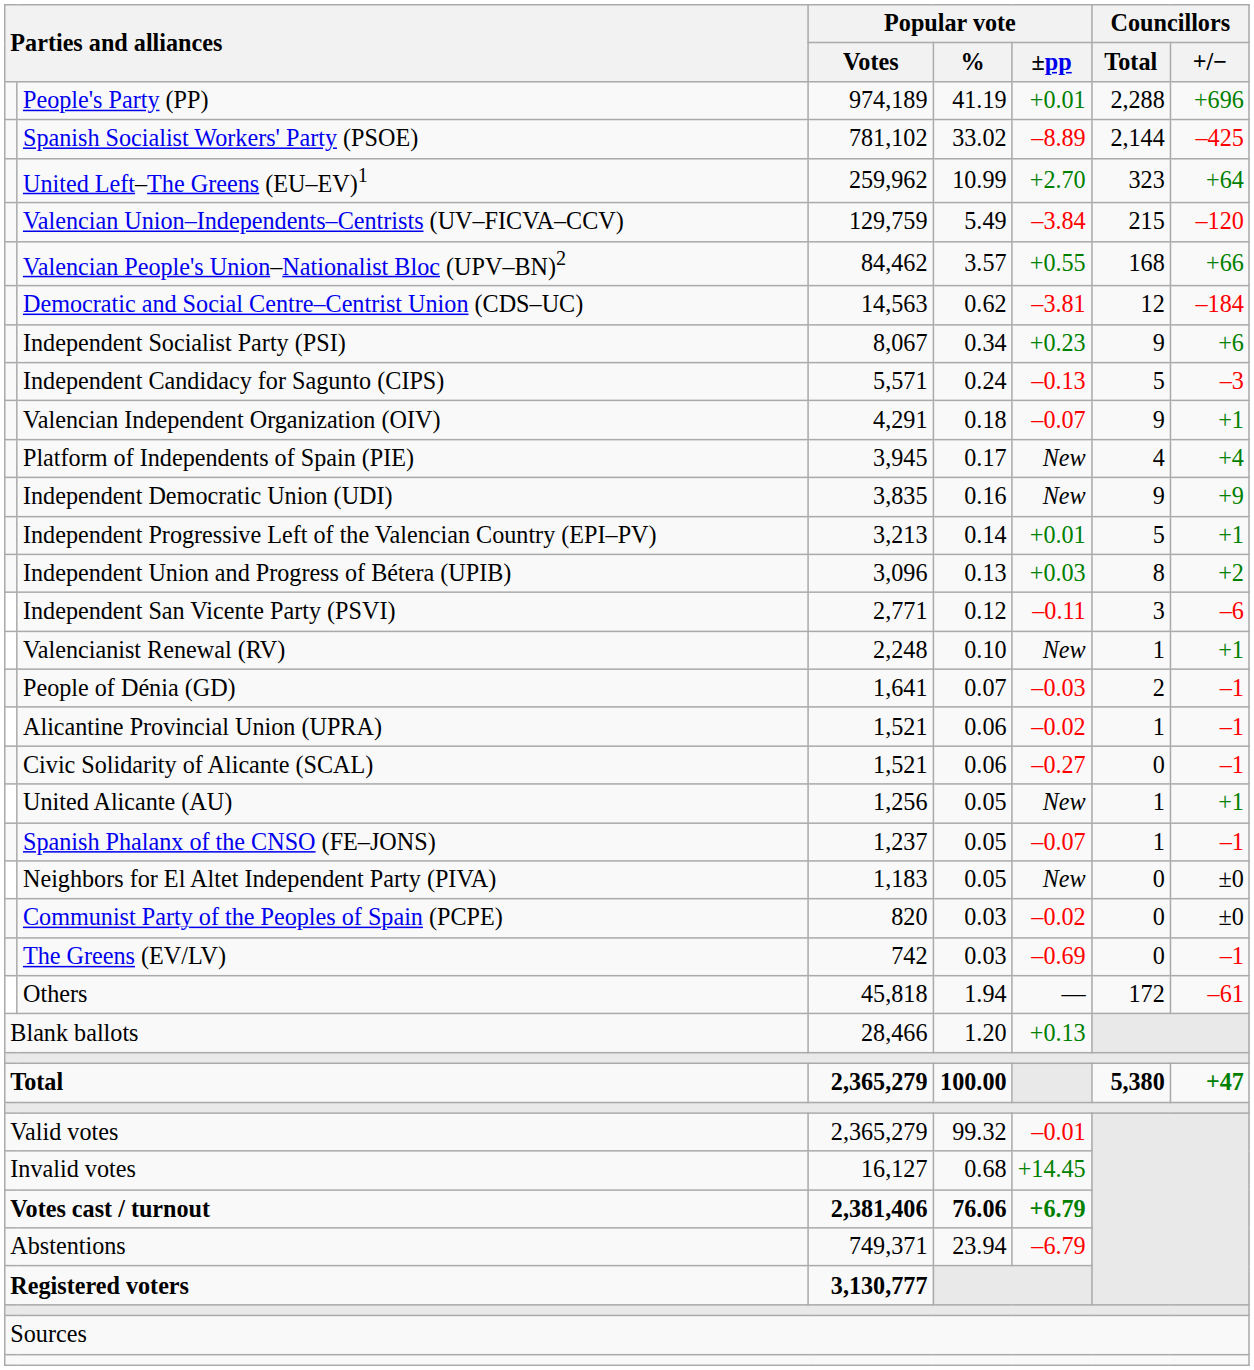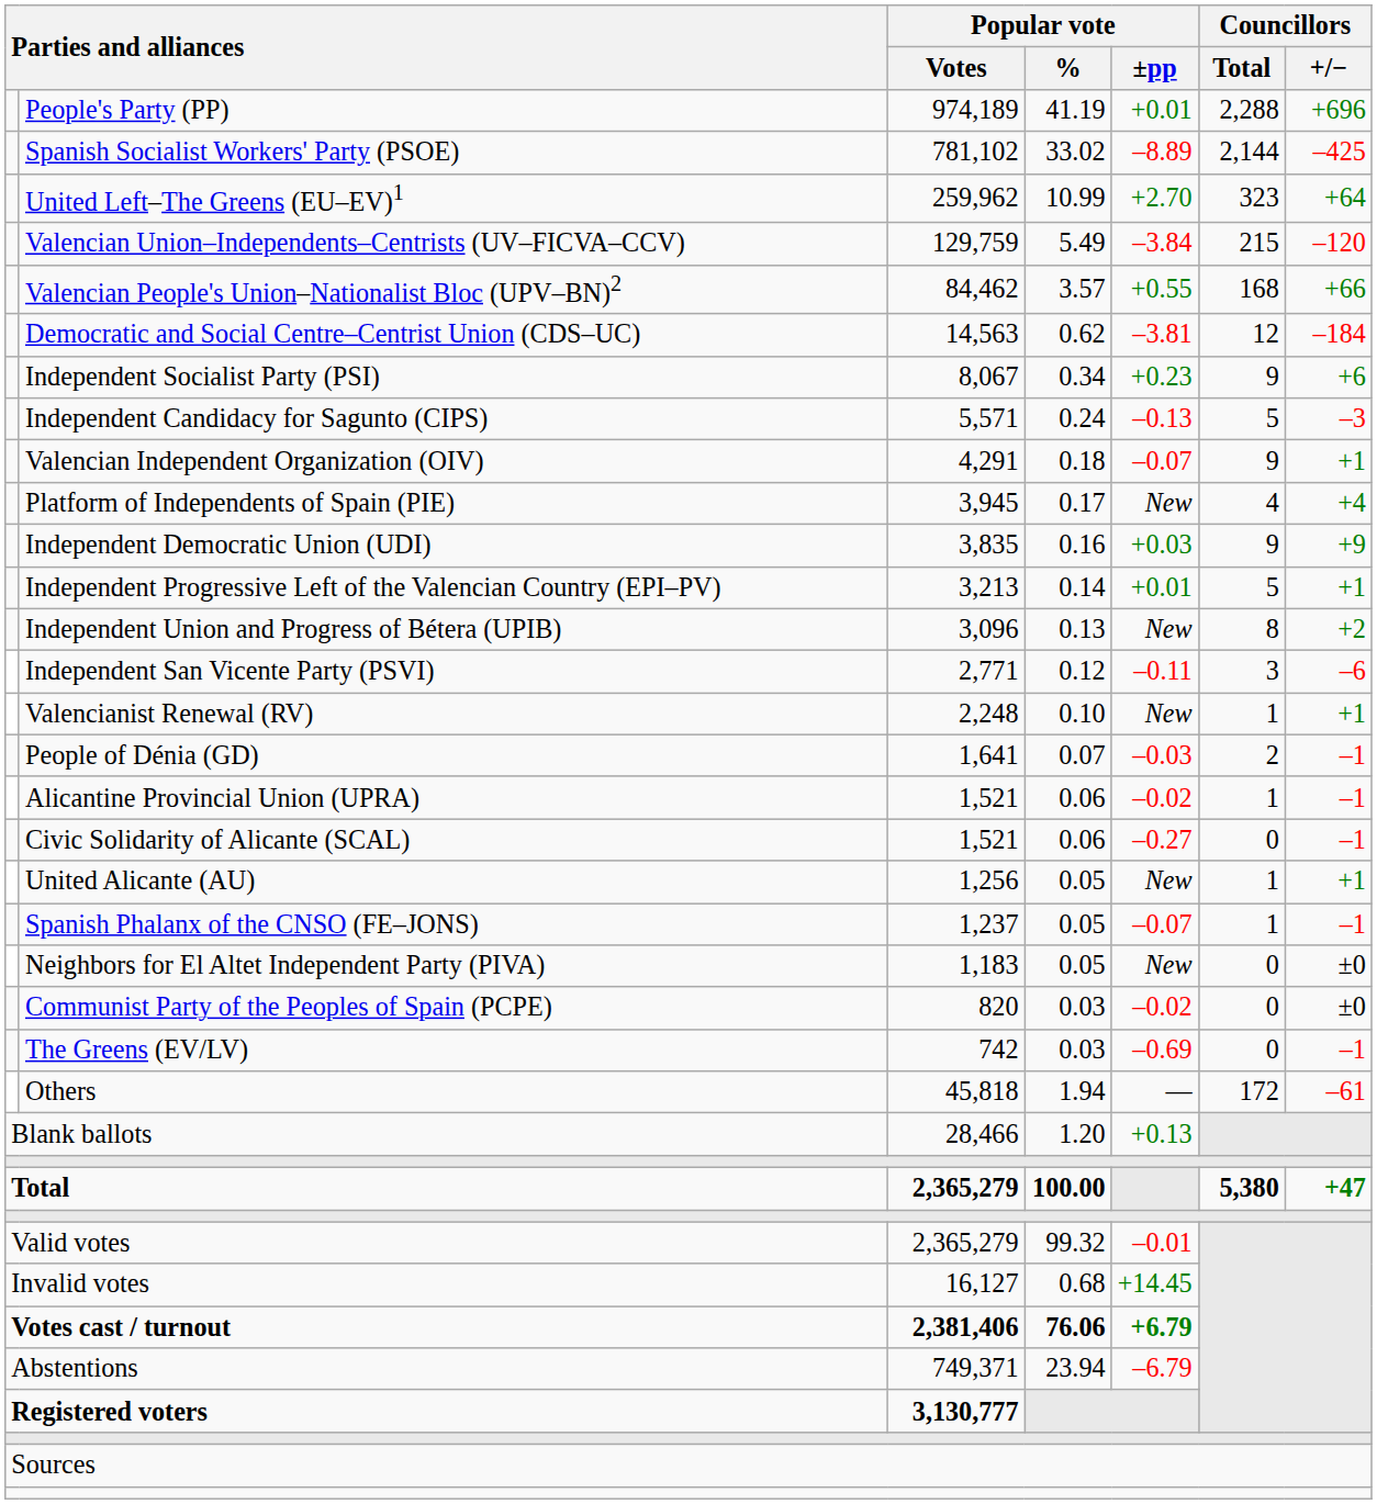 <table class="wikitable" style="text-align:right;">
 <tr>
 <th style="text-align:left;" rowspan="2" colspan="2" width="525">Parties and alliances</th>
 <th colspan="3">Popular vote</th>
 <th colspan="2">Councillors</th>
 </tr>
 <tr>
 <th width="75">Votes</th>
 <th width="45">%</th>
 <th width="45">±<a href='#'>pp</a></th>
 <th width="45">Total</th>
 <th width="45">+/−</th>
 </tr>
 <tr>
 <td width="1" style="color:inherit;background:"></td>
 <td align="left"><a href='#'>People's Party</a> (PP)</td>
 <td>974,189</td>
 <td>41.19</td>
 <td style="color:green;">+0.01</td>
 <td>2,288</td>
 <td style="color:green;">+696</td>
 </tr>
 <tr>
 <td style="color:inherit;background:"></td>
 <td align="left"><a href='#'>Spanish Socialist Workers' Party</a> (PSOE)</td>
 <td>781,102</td>
 <td>33.02</td>
 <td style="color:red;">–8.89</td>
 <td>2,144</td>
 <td style="color:red;">–425</td>
 </tr>
 <tr>
 <td style="color:inherit;background:"></td>
 <td align="left"><a href='#'>United Left</a>–<a href='#'>The Greens</a> (EU–EV)<sup>1</sup></td>
 <td>259,962</td>
 <td>10.99</td>
 <td style="color:green;">+2.70</td>
 <td>323</td>
 <td style="color:green;">+64</td>
 </tr>
 <tr>
 <td style="color:inherit;background:"></td>
 <td align="left"><a href='#'>Valencian Union–Independents–Centrists</a> (UV–FICVA–CCV)</td>
 <td>129,759</td>
 <td>5.49</td>
 <td style="color:red;">–3.84</td>
 <td>215</td>
 <td style="color:red;">–120</td>
 </tr>
 <tr>
 <td style="color:inherit;background:"></td>
 <td align="left"><a href='#'>Valencian People's Union</a>–<a href='#'>Nationalist Bloc</a> (UPV–BN)<sup>2</sup></td>
 <td>84,462</td>
 <td>3.57</td>
 <td style="color:green;">+0.55</td>
 <td>168</td>
 <td style="color:green;">+66</td>
 </tr>
 <tr>
 <td style="color:inherit;background:"></td>
 <td align="left"><a href='#'>Democratic and Social Centre–Centrist Union</a> (CDS–UC)</td>
 <td>14,563</td>
 <td>0.62</td>
 <td style="color:red;">–3.81</td>
 <td>12</td>
 <td style="color:red;">–184</td>
 </tr>
 <tr>
 <td style="color:inherit;background:"></td>
 <td align="left">Independent Socialist Party (PSI)</td>
 <td>8,067</td>
 <td>0.34</td>
 <td style="color:green;">+0.23</td>
 <td>9</td>
 <td style="color:green;">+6</td>
 </tr>
 <tr>
 <td style="color:inherit;background:"></td>
 <td align="left">Independent Candidacy for Sagunto (CIPS)</td>
 <td>5,571</td>
 <td>0.24</td>
 <td style="color:red;">–0.13</td>
 <td>5</td>
 <td style="color:red;">–3</td>
 </tr>
 <tr>
 <td style="color:inherit;background:"></td>
 <td align="left">Valencian Independent Organization (OIV)</td>
 <td>4,291</td>
 <td>0.18</td>
 <td style="color:red;">–0.07</td>
 <td>9</td>
 <td style="color:green;">+1</td>
 </tr>
 <tr>
 <td style="color:inherit;background:"></td>
 <td align="left">Platform of Independents of Spain (PIE)</td>
 <td>3,945</td>
 <td>0.17</td>
 <td><em>New</em></td>
 <td>4</td>
 <td style="color:green;">+4</td>
 </tr>
 <tr>
 <td style="color:inherit;background:"></td>
 <td align="left">Independent Democratic Union (UDI)</td>
 <td>3,835</td>
 <td>0.16</td>
-<td><em>New</em></td>
+<td style="color:green;">+0.03</td>
 <td>9</td>
 <td style="color:green;">+9</td>
 </tr>
 <tr>
 <td style="color:inherit;background:"></td>
 <td align="left">Independent Progressive Left of the Valencian Country (EPI–PV)</td>
 <td>3,213</td>
 <td>0.14</td>
 <td style="color:green;">+0.01</td>
 <td>5</td>
 <td style="color:green;">+1</td>
 </tr>
 <tr>
 <td style="color:inherit;background:"></td>
 <td align="left">Independent Union and Progress of Bétera (UPIB)</td>
 <td>3,096</td>
 <td>0.13</td>
-<td style="color:green;">+0.03</td>
+<td><em>New</em></td>
 <td>8</td>
 <td style="color:green;">+2</td>
 </tr>
 <tr>
 <td bgcolor="white"></td>
 <td align="left">Independent San Vicente Party (PSVI)</td>
 <td>2,771</td>
 <td>0.12</td>
 <td style="color:red;">–0.11</td>
 <td>3</td>
 <td style="color:red;">–6</td>
 </tr>
 <tr>
 <td bgcolor="white"></td>
 <td align="left">Valencianist Renewal (RV)</td>
 <td>2,248</td>
 <td>0.10</td>
 <td><em>New</em></td>
 <td>1</td>
 <td style="color:green;">+1</td>
 </tr>
 <tr>
 <td style="color:inherit;background:"></td>
 <td align="left">People of Dénia (GD)</td>
 <td>1,641</td>
 <td>0.07</td>
 <td style="color:red;">–0.03</td>
 <td>2</td>
 <td style="color:red;">–1</td>
 </tr>
 <tr>
 <td bgcolor="white"></td>
 <td align="left">Alicantine Provincial Union (UPRA)</td>
 <td>1,521</td>
 <td>0.06</td>
 <td style="color:red;">–0.02</td>
 <td>1</td>
 <td style="color:red;">–1</td>
 </tr>
 <tr>
 <td style="color:inherit;background:"></td>
 <td align="left">Civic Solidarity of Alicante (SCAL)</td>
 <td>1,521</td>
 <td>0.06</td>
 <td style="color:red;">–0.27</td>
 <td>0</td>
 <td style="color:red;">–1</td>
 </tr>
 <tr>
 <td bgcolor="white"></td>
 <td align="left">United Alicante (AU)</td>
 <td>1,256</td>
 <td>0.05</td>
 <td><em>New</em></td>
 <td>1</td>
 <td style="color:green;">+1</td>
 </tr>
 <tr>
 <td style="color:inherit;background:"></td>
 <td align="left"><a href='#'>Spanish Phalanx of the CNSO</a> (FE–JONS)</td>
 <td>1,237</td>
 <td>0.05</td>
 <td style="color:red;">–0.07</td>
 <td>1</td>
 <td style="color:red;">–1</td>
 </tr>
 <tr>
 <td bgcolor="white"></td>
 <td align="left">Neighbors for El Altet Independent Party (PIVA)</td>
 <td>1,183</td>
 <td>0.05</td>
 <td><em>New</em></td>
 <td>0</td>
 <td>±0</td>
 </tr>
 <tr>
 <td style="color:inherit;background:"></td>
 <td align="left"><a href='#'>Communist Party of the Peoples of Spain</a> (PCPE)</td>
 <td>820</td>
 <td>0.03</td>
 <td style="color:red;">–0.02</td>
 <td>0</td>
 <td>±0</td>
 </tr>
 <tr>
 <td style="color:inherit;background:"></td>
 <td align="left"><a href='#'>The Greens</a> (EV/LV)</td>
 <td>742</td>
 <td>0.03</td>
 <td style="color:red;">–0.69</td>
 <td>0</td>
 <td style="color:red;">–1</td>
 </tr>
 <tr>
 <td bgcolor="white"></td>
 <td align="left">Others</td>
 <td>45,818</td>
 <td>1.94</td>
 <td>—</td>
 <td>172</td>
 <td style="color:red;">–61</td>
 </tr>
 <tr>
 <td align="left" colspan="2">Blank ballots</td>
 <td>28,466</td>
 <td>1.20</td>
 <td style="color:green;">+0.13</td>
 <td bgcolor="#E9E9E9" colspan="2"></td>
 </tr>
 <tr>
 <td colspan="7" bgcolor="#E9E9E9"></td>
 </tr>
 <tr style="font-weight:bold;">
 <td align="left" colspan="2">Total</td>
 <td>2,365,279</td>
 <td>100.00</td>
 <td bgcolor="#E9E9E9"></td>
 <td>5,380</td>
 <td style="color:green;">+47</td>
 </tr>
 <tr>
 <td colspan="7" bgcolor="#E9E9E9"></td>
 </tr>
 <tr>
 <td align="left" colspan="2">Valid votes</td>
 <td>2,365,279</td>
 <td>99.32</td>
 <td style="color:red;">–0.01</td>
 <td bgcolor="#E9E9E9" colspan="2" rowspan="5"></td>
 </tr>
 <tr>
 <td align="left" colspan="2">Invalid votes</td>
 <td>16,127</td>
 <td>0.68</td>
 <td style="color:green;">+14.45</td>
 </tr>
 <tr style="font-weight:bold;">
 <td align="left" colspan="2">Votes cast / turnout</td>
 <td>2,381,406</td>
 <td>76.06</td>
 <td style="color:green;">+6.79</td>
 </tr>
 <tr>
 <td align="left" colspan="2">Abstentions</td>
 <td>749,371</td>
 <td>23.94</td>
 <td style="color:red;">–6.79</td>
 </tr>
 <tr style="font-weight:bold;">
 <td align="left" colspan="2">Registered voters</td>
 <td>3,130,777</td>
 <td bgcolor="#E9E9E9" colspan="2"></td>
 </tr>
 <tr>
 <td colspan="7" bgcolor="#E9E9E9"></td>
 </tr>
 <tr>
 <td align="left" colspan="7">Sources</td>
 </tr>
 <tr>
 <td colspan="7" style="text-align:left; max-width:790px;"></td>
 </tr>
 </table>
